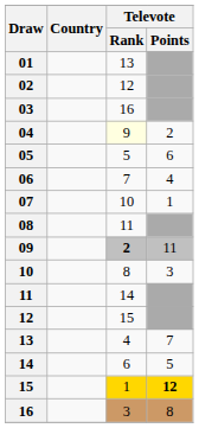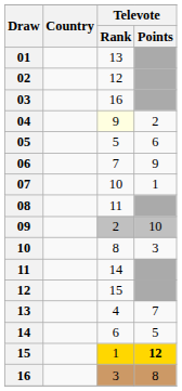 <table class="sortable wikitable collapsible plainrowheaders" style="text-align:center;">
 <tr>
 </tr>
 <tr>
 <th scope="col" rowspan="2">Draw</th>
 <th scope="col" rowspan="2">Country</th>
 <th scope="col" colspan="2">Televote</th>
 </tr>
 <tr>
 <th scope="col">Rank</th>
 <th scope="col">Points</th>
 </tr>
 <tr>
 <th scope="row" style="text-align:center;">01</th>
 <td style="text-align:left;"></td>
 <td>13</td>
 <td style="background:#AAAAAA;"></td>
 </tr>
 <tr>
 <th scope="row" style="text-align:center;">02</th>
 <td style="text-align:left;"></td>
 <td>12</td>
 <td style="background:#AAAAAA;"></td>
 </tr>
 <tr>
 <th scope="row" style="text-align:center;">03</th>
 <td style="text-align:left;"></td>
 <td>16</td>
 <td style="background:#AAAAAA;"></td>
 </tr>
 <tr>
 <th scope="row" style="text-align:center;">04</th>
 <td style="text-align:left;"></td>
 <td style="background: lightyellow;">9</td>
 <td>2</td>
 </tr>
 <tr>
 <th scope="row" style="text-align:center;">05</th>
 <td style="text-align:left;"></td>
 <td>5</td>
 <td>6</td>
 </tr>
 <tr>
 <th scope="row" style="text-align:center;">06</th>
 <td style="text-align:left;"></td>
 <td>7</td>
-<td>4</td>
+<td>9</td>
 </tr>
 <tr>
 <th scope="row" style="text-align:center;">07</th>
 <td style="text-align:left;"></td>
 <td>10</td>
 <td>1</td>
 </tr>
 <tr>
 <th scope="row" style="text-align:center;">08</th>
 <td style="text-align:left;"></td>
 <td>11</td>
 <td style="background:#AAAAAA;"></td>
 </tr>
 <tr>
 <th scope="row" style="text-align:center;">09</th>
 <td style="text-align:left;"></td>
-<td style="background:silver;"><strong>2</strong></td>
-<td style="background:silver;">11</td>
+<td style="background:silver;">2</td>
+<td style="background:silver;">10</td>
 </tr>
 <tr>
 <th scope="row" style="text-align:center;">10</th>
 <td style="text-align:left;"></td>
 <td>8</td>
 <td>3</td>
 </tr>
 <tr>
 <th scope="row" style="text-align:center;">11</th>
 <td style="text-align:left;"></td>
 <td>14</td>
 <td style="background:#AAAAAA;"></td>
 </tr>
 <tr>
 <th scope="row" style="text-align:center;">12</th>
 <td style="text-align:left;"></td>
 <td>15</td>
 <td style="background:#AAAAAA;"></td>
 </tr>
 <tr>
 <th scope="row" style="text-align:center;">13</th>
 <td style="text-align:left;"></td>
 <td>4</td>
 <td>7</td>
 </tr>
 <tr>
 <th scope="row" style="text-align:center;">14</th>
 <td style="text-align:left;"></td>
 <td>6</td>
 <td>5</td>
 </tr>
 <tr>
 <th scope="row" style="text-align:center;">15</th>
 <td style="text-align:left;"></td>
 <td style="background:gold;">1</td>
 <td style="background:gold;"><strong>12</strong></td>
 </tr>
 <tr>
 <th scope="row" style="text-align:center;">16</th>
 <td style="text-align:left;"></td>
 <td style="background:#CC9966;">3</td>
 <td style="background:#CC9966;">8</td>
 </tr>
 <tr>
 </tr>
 </table>
